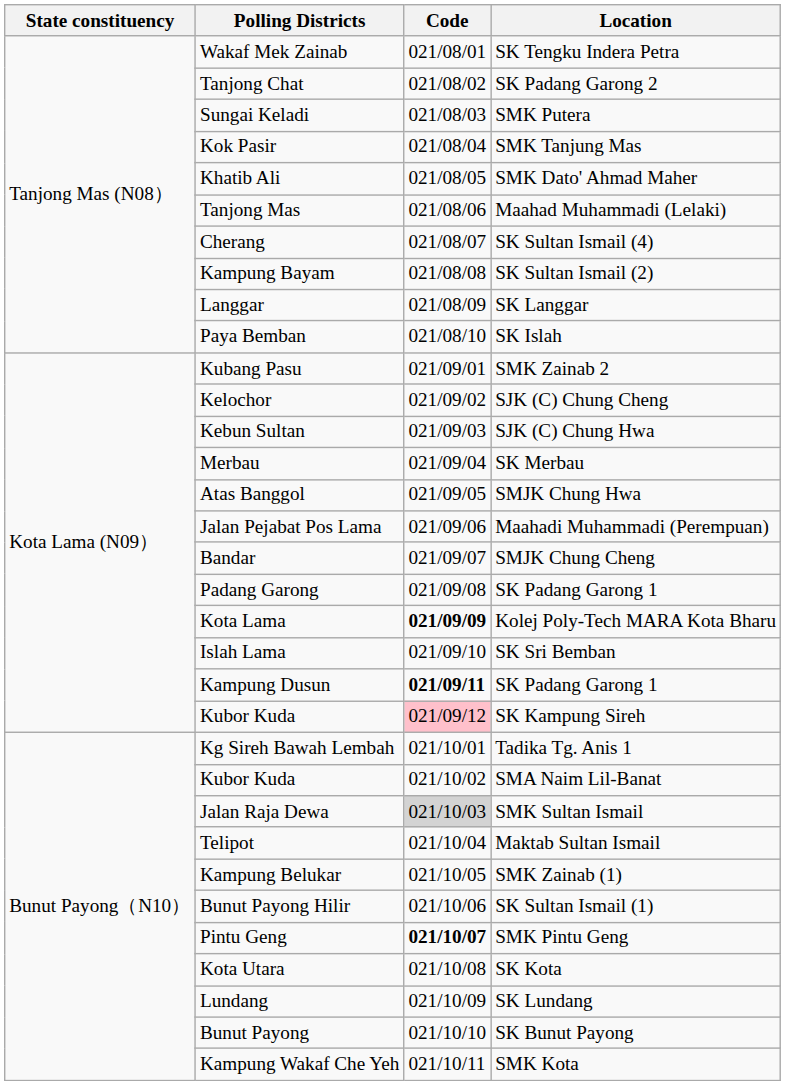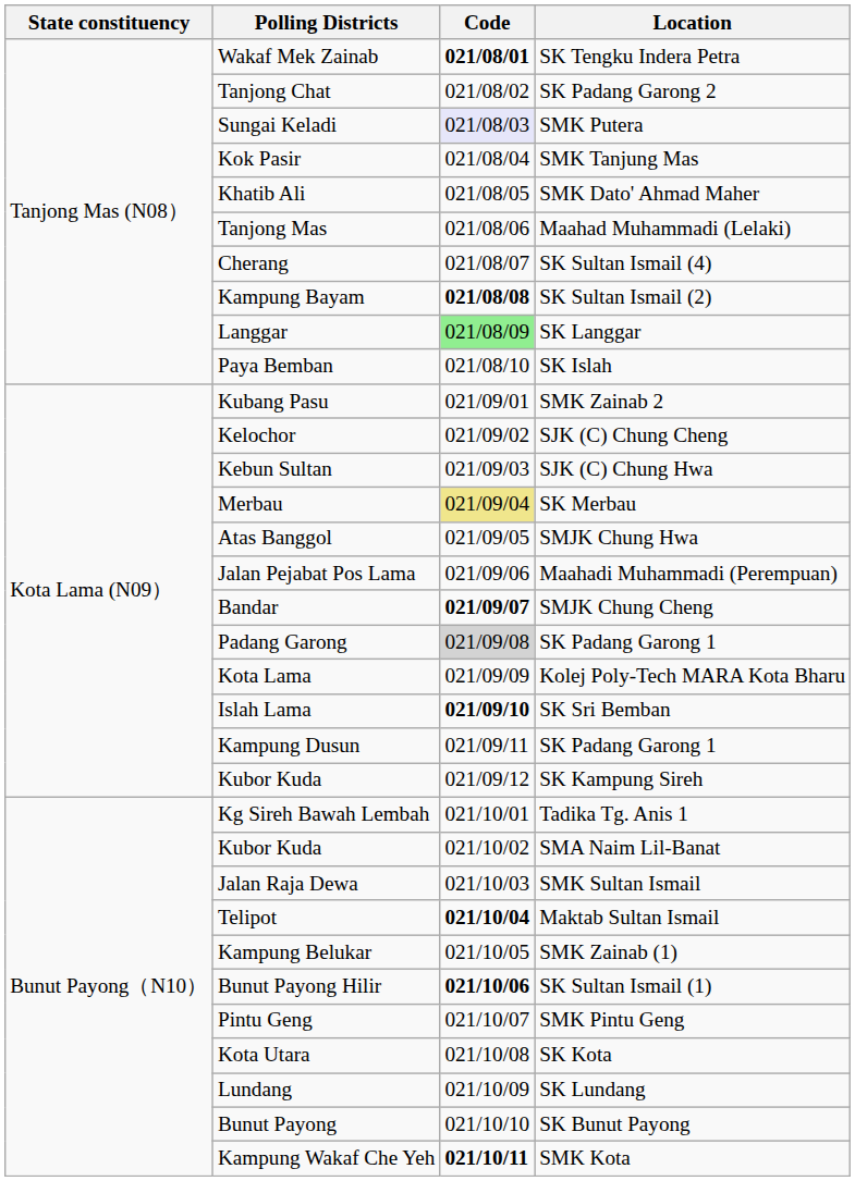 <table class="wikitable sortable mw-collapsible" style="white-space:nowrap;font-size:85%">
 <tr>
 <th>State constituency</th>
 <th>Polling Districts</th>
 <th>Code</th>
 <th>Location</th>
 </tr>
 <tr>
 <td rowspan="10">Tanjong Mas (N08）</td>
 <td>Wakaf Mek Zainab</td>
-<td>021/08/01</td>
+<td><strong>021/08/01</strong></td>
 <td>SK Tengku Indera Petra</td>
 </tr>
 <tr>
 <td>Tanjong Chat</td>
 <td>021/08/02</td>
 <td>SK Padang Garong 2</td>
 </tr>
 <tr>
 <td>Sungai Keladi</td>
-<td>021/08/03</td>
+<td style="background: lavender;">021/08/03</td>
 <td>SMK Putera</td>
 </tr>
 <tr>
 <td>Kok Pasir</td>
 <td>021/08/04</td>
 <td>SMK Tanjung Mas</td>
 </tr>
 <tr>
 <td>Khatib Ali</td>
 <td>021/08/05</td>
 <td>SMK Dato' Ahmad Maher</td>
 </tr>
 <tr>
 <td>Tanjong Mas</td>
 <td>021/08/06</td>
 <td>Maahad Muhammadi (Lelaki)</td>
 </tr>
 <tr>
 <td>Cherang</td>
 <td>021/08/07</td>
 <td>SK Sultan Ismail (4)</td>
 </tr>
 <tr>
 <td>Kampung Bayam</td>
-<td>021/08/08</td>
+<td><strong>021/08/08</strong></td>
 <td>SK Sultan Ismail (2)</td>
 </tr>
 <tr>
 <td>Langgar</td>
-<td>021/08/09</td>
+<td style="background: lightgreen;">021/08/09</td>
 <td>SK Langgar</td>
 </tr>
 <tr>
 <td>Paya Bemban</td>
 <td>021/08/10</td>
 <td>SK Islah</td>
 </tr>
 <tr>
 <td rowspan="12">Kota Lama (N09）</td>
 <td>Kubang Pasu</td>
 <td>021/09/01</td>
 <td>SMK Zainab 2</td>
 </tr>
 <tr>
 <td>Kelochor</td>
 <td>021/09/02</td>
 <td>SJK (C) Chung Cheng</td>
 </tr>
 <tr>
 <td>Kebun Sultan</td>
 <td>021/09/03</td>
 <td>SJK (C) Chung Hwa</td>
 </tr>
 <tr>
 <td>Merbau</td>
-<td>021/09/04</td>
+<td style="background: khaki;">021/09/04</td>
 <td>SK Merbau</td>
 </tr>
 <tr>
 <td>Atas Banggol</td>
 <td>021/09/05</td>
 <td>SMJK Chung Hwa</td>
 </tr>
 <tr>
 <td>Jalan Pejabat Pos Lama</td>
 <td>021/09/06</td>
 <td>Maahadi Muhammadi (Perempuan)</td>
 </tr>
 <tr>
 <td>Bandar</td>
-<td>021/09/07</td>
+<td><strong>021/09/07</strong></td>
 <td>SMJK Chung Cheng</td>
 </tr>
 <tr>
 <td>Padang Garong</td>
-<td>021/09/08</td>
+<td style="background: lightgrey;">021/09/08</td>
 <td>SK Padang Garong 1</td>
 </tr>
 <tr>
 <td>Kota Lama</td>
-<td><strong>021/09/09</strong></td>
+<td>021/09/09</td>
 <td>Kolej Poly-Tech MARA Kota Bharu</td>
 </tr>
 <tr>
 <td>Islah Lama</td>
-<td>021/09/10</td>
+<td><strong>021/09/10</strong></td>
 <td>SK Sri Bemban</td>
 </tr>
 <tr>
 <td>Kampung Dusun</td>
-<td><strong>021/09/11</strong></td>
+<td>021/09/11</td>
 <td>SK Padang Garong 1</td>
 </tr>
 <tr>
 <td>Kubor Kuda</td>
-<td style="background: pink;">021/09/12</td>
+<td>021/09/12</td>
 <td>SK Kampung Sireh</td>
 </tr>
 <tr>
 <td rowspan="11">Bunut Payong（N10）</td>
 <td>Kg Sireh Bawah Lembah</td>
 <td>021/10/01</td>
 <td>Tadika Tg. Anis 1</td>
 </tr>
 <tr>
 <td>Kubor Kuda</td>
 <td>021/10/02</td>
 <td>SMA Naim Lil-Banat</td>
 </tr>
 <tr>
 <td>Jalan Raja Dewa</td>
-<td style="background: lightgrey;">021/10/03</td>
+<td>021/10/03</td>
 <td>SMK Sultan Ismail</td>
 </tr>
 <tr>
 <td>Telipot</td>
-<td>021/10/04</td>
+<td><strong>021/10/04</strong></td>
 <td>Maktab Sultan Ismail</td>
 </tr>
 <tr>
 <td>Kampung Belukar</td>
 <td>021/10/05</td>
 <td>SMK Zainab (1)</td>
 </tr>
 <tr>
 <td>Bunut Payong Hilir</td>
-<td>021/10/06</td>
+<td><strong>021/10/06</strong></td>
 <td>SK Sultan Ismail (1)</td>
 </tr>
 <tr>
 <td>Pintu Geng</td>
-<td><strong>021/10/07</strong></td>
+<td>021/10/07</td>
 <td>SMK Pintu Geng</td>
 </tr>
 <tr>
 <td>Kota Utara</td>
 <td>021/10/08</td>
 <td>SK Kota</td>
 </tr>
 <tr>
 <td>Lundang</td>
 <td>021/10/09</td>
 <td>SK Lundang</td>
 </tr>
 <tr>
 <td>Bunut Payong</td>
 <td>021/10/10</td>
 <td>SK Bunut Payong</td>
 </tr>
 <tr>
 <td>Kampung Wakaf Che Yeh</td>
-<td>021/10/11</td>
+<td><strong>021/10/11</strong></td>
 <td>SMK Kota</td>
 </tr>
 </table>
